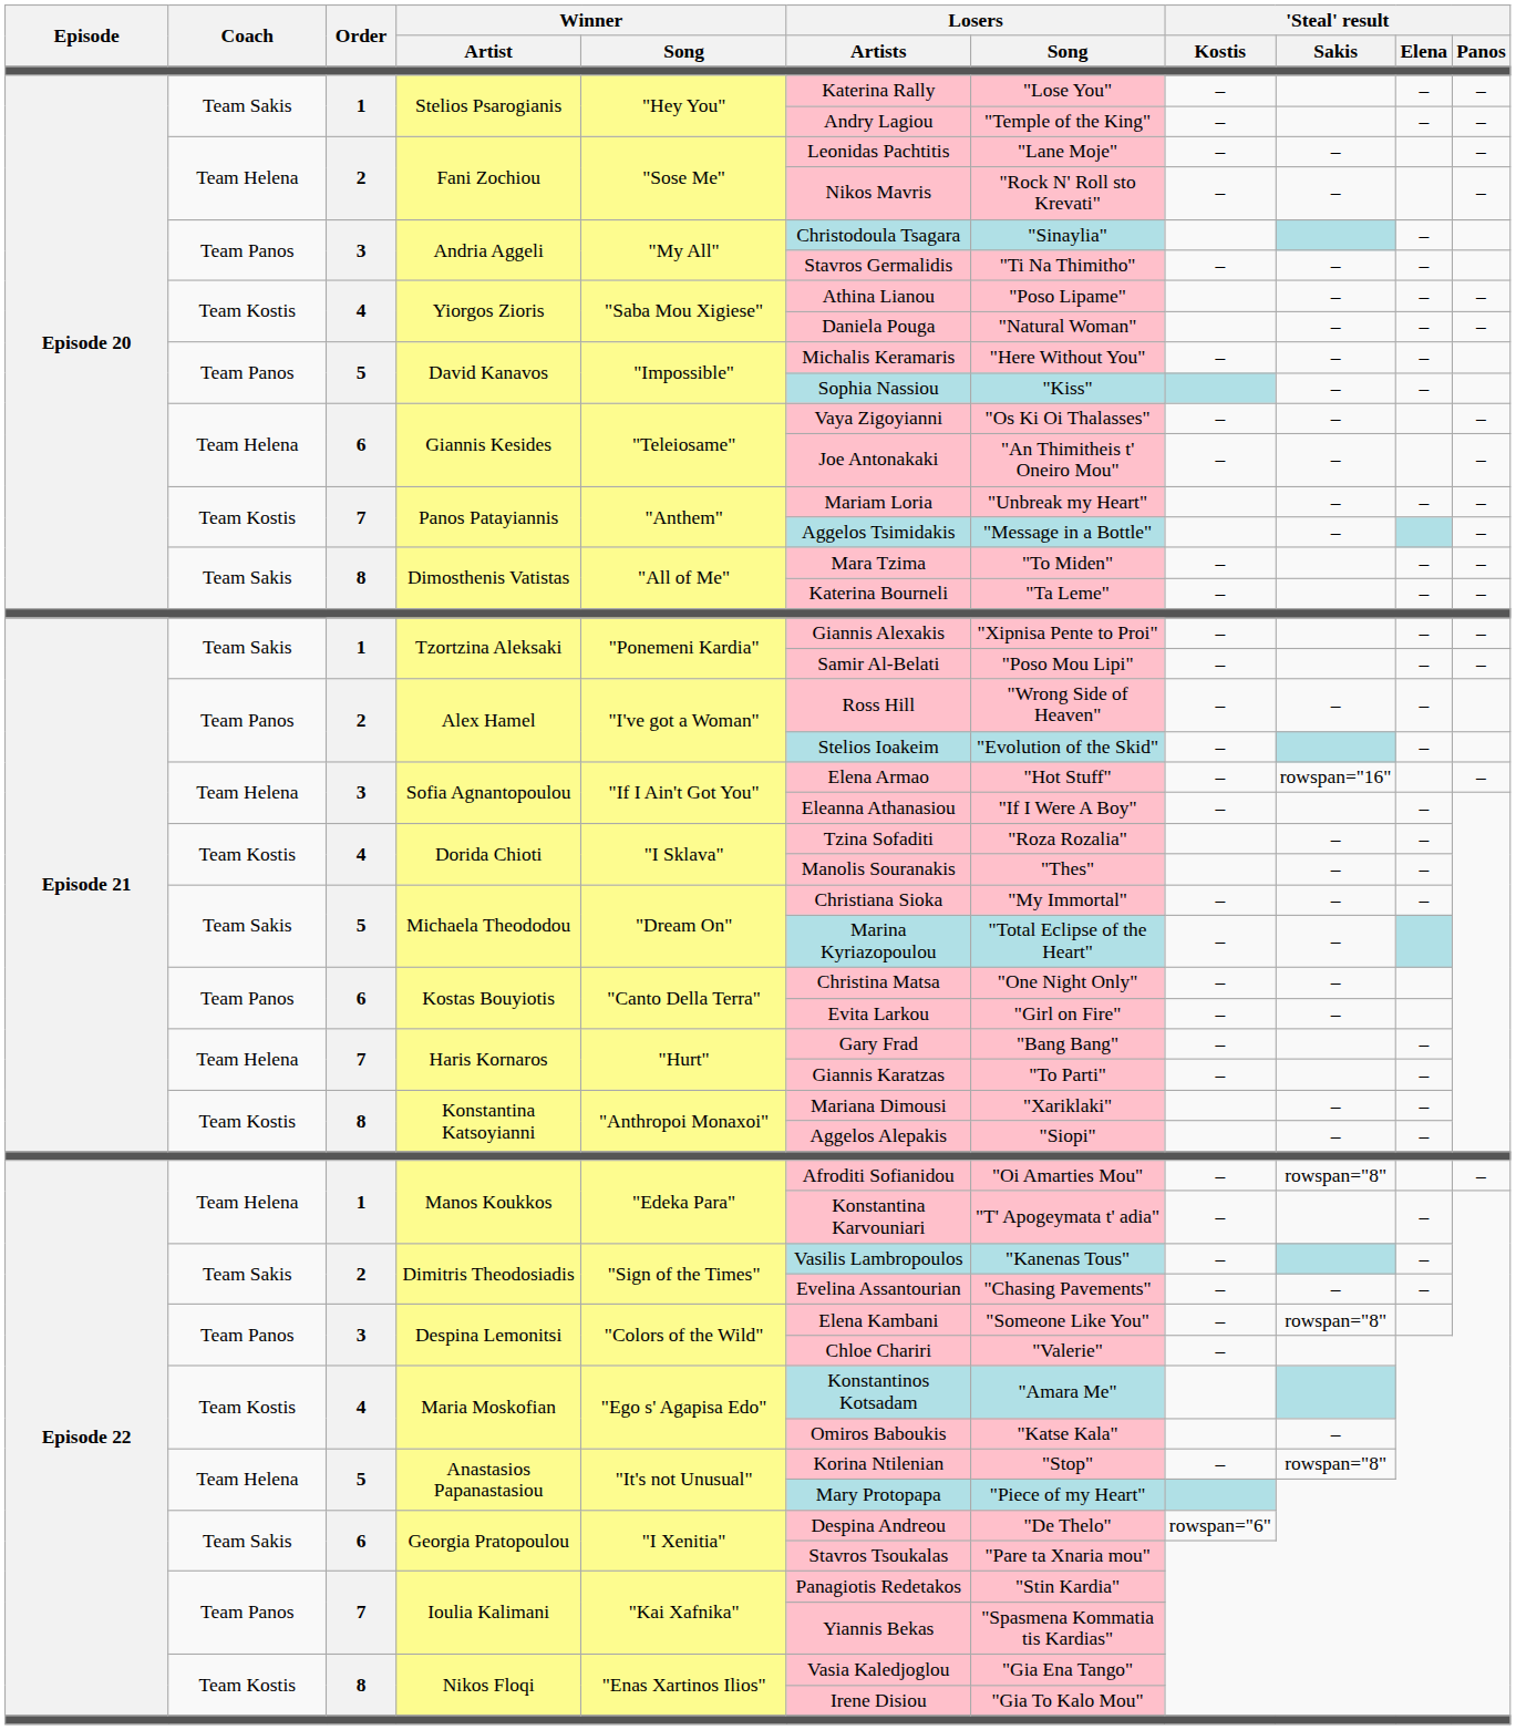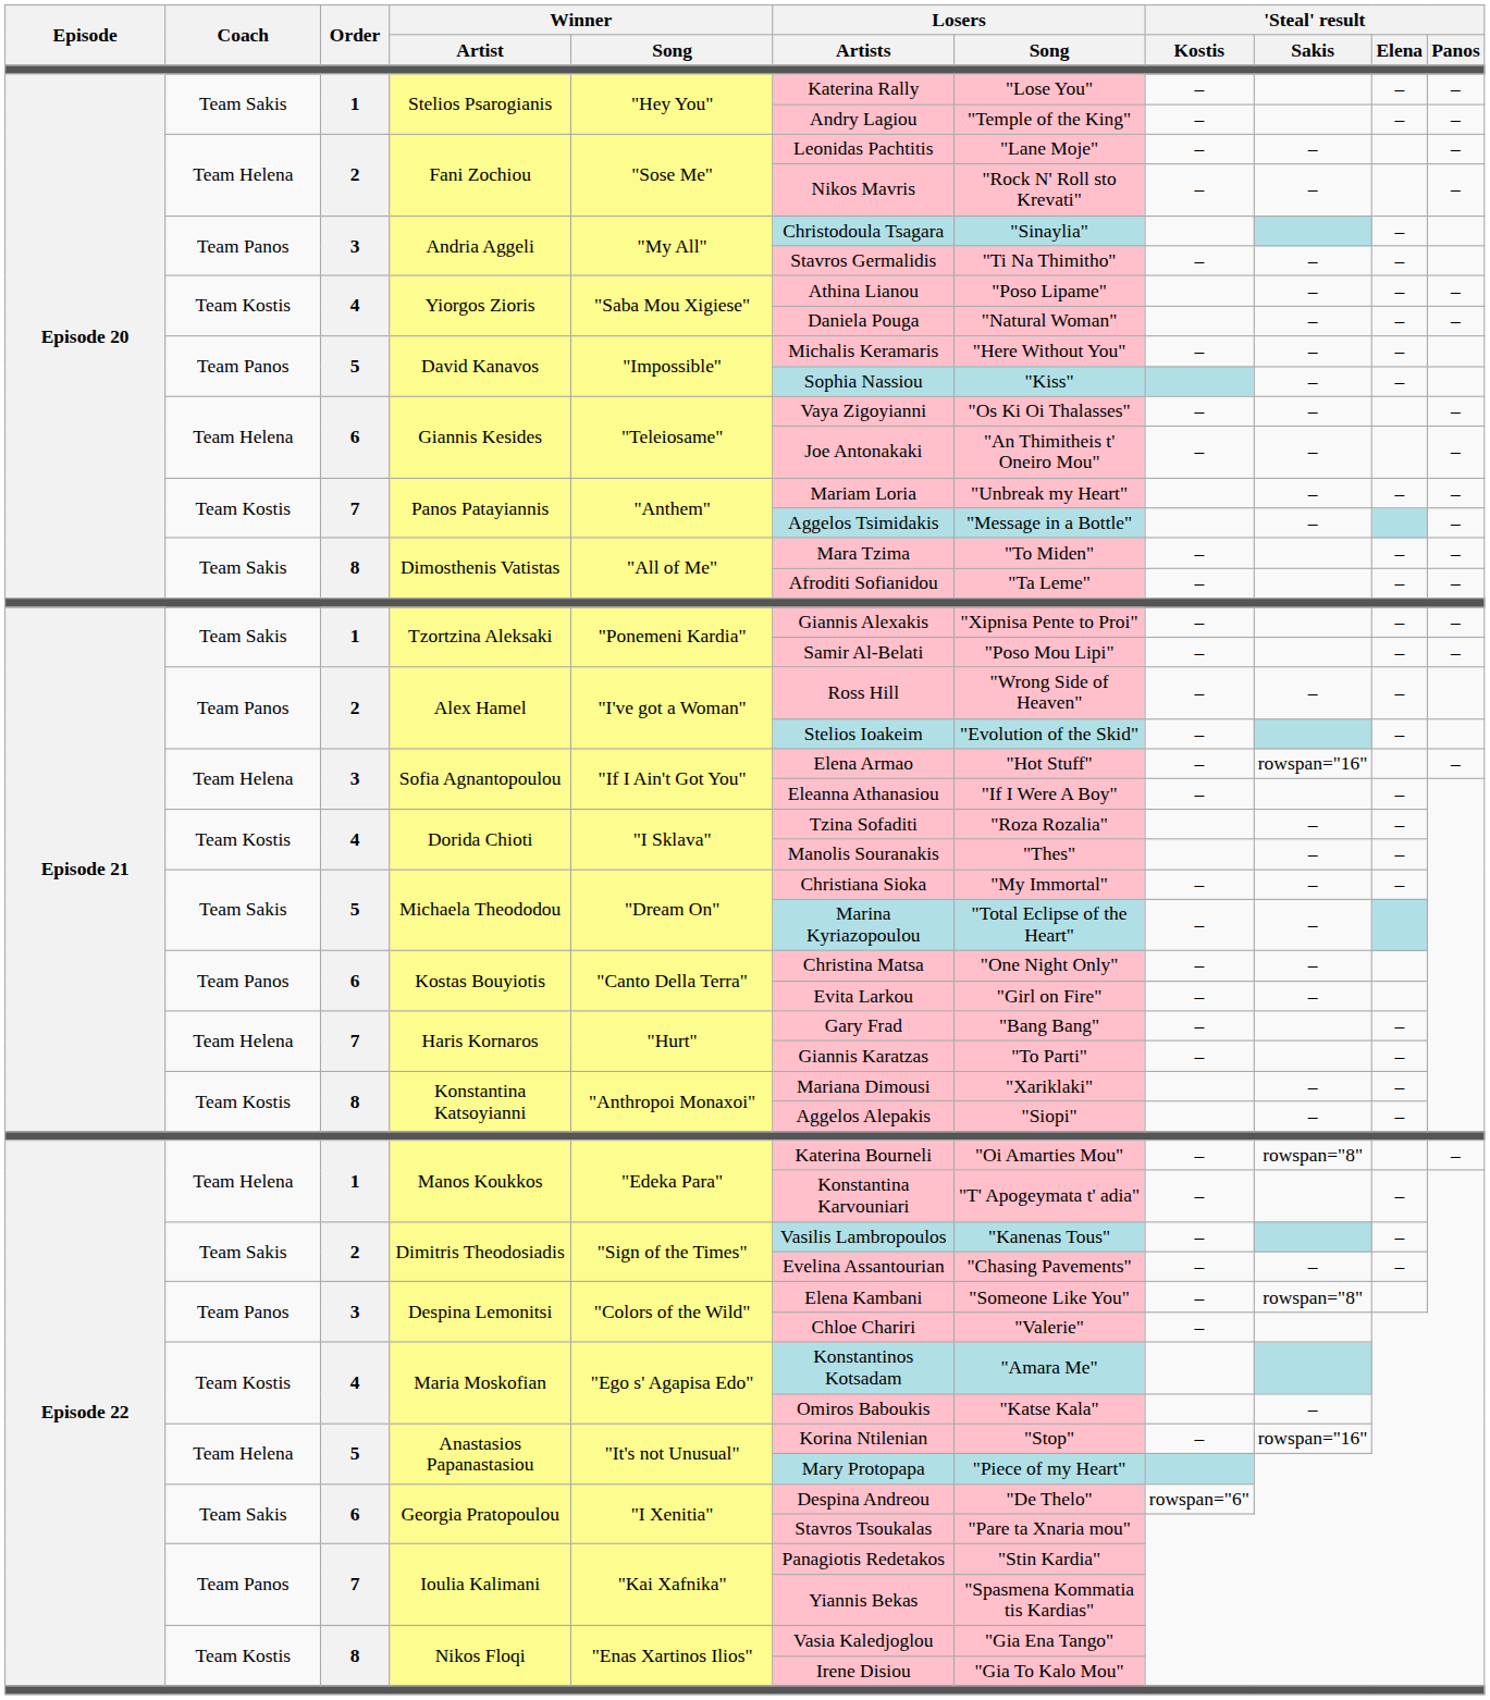 <table class="wikitable" style="text-align: center; width: auto;">
 <tr>
 <th rowspan="2" style="width:15%;">Episode</th>
 <th rowspan="2" style="width:15%;">Coach</th>
 <th rowspan="2" style="width:05%;">Order</th>
 <th colspan="2" style="width:15%;">Winner</th>
 <th colspan="2" style="width:15%;">Losers</th>
 <th colspan="4" style="width:20%;">'Steal' result</th>
 </tr>
 <tr>
 <th style="width:15%;">Artist</th>
 <th style="width:18%;">Song</th>
 <th style="width:15%;">Artists</th>
 <th style="width:18%;">Song</th>
 <th style="width:05%;">Kostis</th>
 <th style="width:05%;">Sakis</th>
 <th style="width:05%;">Elena</th>
 <th style="width:05%;">Panos</th>
 </tr>
 <tr>
 <td colspan="11" style="background:#555;"></td>
 </tr>
 <tr>
 <th rowspan="16">Episode 20<br><small></small></th>
 <td rowspan="2">Team Sakis</td>
 <th rowspan="2">1</th>
 <td rowspan="2" style="background:#fdfc8f;text-align:center;">Stelios Psarogianis</td>
 <td rowspan="2" style="background:#fdfc8f;text-align:center;">"Hey You"</td>
 <td style="background:pink;text-align:center;">Katerina Rally</td>
 <td style="background:pink;text-align:center;">"Lose You"</td>
 <td>–</td>
 <td></td>
 <td>–</td>
 <td>–</td>
 </tr>
 <tr>
 <td style="background:pink;text-align:center;">Andry Lagiou</td>
 <td style="background:pink;text-align:center;">"Temple of the King"</td>
 <td>–</td>
 <td></td>
 <td>–</td>
 <td>–</td>
 </tr>
 <tr>
 <td rowspan="2">Team Helena</td>
 <th rowspan="2">2</th>
 <td rowspan="2" style="background:#fdfc8f;text-align:center;">Fani Zochiou</td>
 <td rowspan="2" style="background:#fdfc8f;text-align:center;">"Sose Me"</td>
 <td style="background:pink;text-align:center;">Leonidas Pachtitis</td>
 <td style="background:pink;text-align:center;">"Lane Moje"</td>
 <td>–</td>
 <td>–</td>
 <td></td>
 <td>–</td>
 </tr>
 <tr>
 <td style="background:pink;text-align:center;">Nikos Mavris</td>
 <td style="background:pink;text-align:center;">"Rock N' Roll sto Krevati"</td>
 <td>–</td>
 <td>–</td>
 <td></td>
 <td>–</td>
 </tr>
 <tr>
 <td rowspan="2">Team Panos</td>
 <th rowspan="2">3</th>
 <td rowspan="2" style="background:#fdfc8f;text-align:center;">Andria Aggeli</td>
 <td rowspan="2" style="background:#fdfc8f;text-align:center;">"My All"</td>
 <td style="background:#b0e0e6;text-align:center;">Christodoula Tsagara</td>
 <td style="background:#b0e0e6;text-align:center;">"Sinaylia"</td>
 <td></td>
 <td style="background:#b0e0e6;text-align:center;"></td>
 <td>–</td>
 <td></td>
 </tr>
 <tr>
 <td style="background:pink;text-align:center;">Stavros Germalidis</td>
 <td style="background:pink;text-align:center;">"Ti Na Thimitho"</td>
 <td>–</td>
 <td>–</td>
 <td>–</td>
 <td></td>
 </tr>
 <tr>
 <td rowspan="2">Team Kostis</td>
 <th rowspan="2">4</th>
 <td rowspan="2" style="background:#fdfc8f;text-align:center;">Yiorgos Zioris</td>
 <td rowspan="2" style="background:#fdfc8f;text-align:center;">"Saba Mou Xigiese"</td>
 <td style="background:pink;text-align:center;">Athina Lianou</td>
 <td style="background:pink;text-align:center;">"Poso Lipame"</td>
 <td></td>
 <td>–</td>
 <td>–</td>
 <td>–</td>
 </tr>
 <tr>
 <td style="background:pink;text-align:center;">Daniela Pouga</td>
 <td style="background:pink;text-align:center;">"Natural Woman"</td>
 <td></td>
 <td>–</td>
 <td>–</td>
 <td>–</td>
 </tr>
 <tr>
 <td rowspan="2">Team Panos</td>
 <th rowspan="2">5</th>
 <td rowspan="2" style="background:#fdfc8f;text-align:center;">David Kanavos</td>
 <td rowspan="2" style="background:#fdfc8f;text-align:center;">"Impossible"</td>
 <td style="background:pink;text-align:center;">Michalis Keramaris</td>
 <td style="background:pink;text-align:center;">"Here Without You"</td>
 <td>–</td>
 <td>–</td>
 <td>–</td>
 <td></td>
 </tr>
 <tr>
 <td style="background:#b0e0e6;text-align:center;">Sophia Nassiou</td>
 <td style="background:#b0e0e6;text-align:center;">"Kiss"</td>
 <td style="background:#b0e0e6;text-align:center;"></td>
 <td>–</td>
 <td>–</td>
 <td></td>
 </tr>
 <tr>
 <td rowspan="2">Team Helena</td>
 <th rowspan="2">6</th>
 <td rowspan="2" style="background:#fdfc8f;text-align:center;">Giannis Kesides</td>
 <td rowspan="2" style="background:#fdfc8f;text-align:center;">"Teleiosame"</td>
 <td style="background:pink;text-align:center;">Vaya Zigoyianni</td>
 <td style="background:pink;text-align:center;">"Os Ki Oi Thalasses"</td>
 <td>–</td>
 <td>–</td>
 <td></td>
 <td>–</td>
 </tr>
 <tr>
 <td style="background:pink;text-align:center;">Joe Antonakaki</td>
 <td style="background:pink;text-align:center;">"An Thimitheis t' Oneiro Mou"</td>
 <td>–</td>
 <td>–</td>
 <td></td>
 <td>–</td>
 </tr>
 <tr>
 <td rowspan="2">Team Kostis</td>
 <th rowspan="2">7</th>
 <td rowspan="2" style="background:#fdfc8f;text-align:center;">Panos Patayiannis</td>
 <td rowspan="2" style="background:#fdfc8f;text-align:center;">"Anthem"</td>
 <td style="background:pink;text-align:center;">Mariam Loria</td>
 <td style="background:pink;text-align:center;">"Unbreak my Heart"</td>
 <td></td>
 <td>–</td>
 <td>–</td>
 <td>–</td>
 </tr>
 <tr>
 <td style="background:#b0e0e6;text-align:center;">Aggelos Tsimidakis</td>
 <td style="background:#b0e0e6;text-align:center;">"Message in a Bottle"</td>
 <td></td>
 <td>–</td>
 <td style="background:#b0e0e6;text-align:center;"></td>
 <td>–</td>
 </tr>
 <tr>
 <td rowspan="2">Team Sakis</td>
 <th rowspan="2">8</th>
 <td rowspan="2" style="background:#fdfc8f;text-align:center;">Dimosthenis Vatistas</td>
 <td rowspan="2" style="background:#fdfc8f;text-align:center;">"All of Me"</td>
 <td style="background:pink;text-align:center;">Mara Tzima</td>
 <td style="background:pink;text-align:center;">"To Miden"</td>
 <td>–</td>
 <td></td>
 <td>–</td>
 <td>–</td>
 </tr>
 <tr>
-<td style="background:pink;text-align:center;">Katerina Bourneli</td>
+<td style="background:pink;text-align:center;">Afroditi Sofianidou</td>
 <td style="background:pink;text-align:center;">"Ta Leme"</td>
 <td>–</td>
 <td></td>
 <td>–</td>
 <td>–</td>
 </tr>
 <tr>
 </tr>
 <tr>
 <td colspan="11" style="background:#555;"></td>
 </tr>
 <tr>
 <th rowspan="16">Episode 21<br><small></small></th>
 <td rowspan="2">Team Sakis</td>
 <th rowspan="2">1</th>
 <td rowspan="2" style="background:#fdfc8f;text-align:center;">Tzortzina Aleksaki</td>
 <td rowspan="2" style="background:#fdfc8f;text-align:center;">"Ponemeni Kardia"</td>
 <td style="background:pink;text-align:center;">Giannis Alexakis</td>
 <td style="background:pink;text-align:center;">"Xipnisa Pente to Proi"</td>
 <td>–</td>
 <td></td>
 <td>–</td>
 <td>–</td>
 </tr>
 <tr>
 <td style="background:pink;text-align:center;">Samir Al-Belati</td>
 <td style="background:pink;text-align:center;">"Poso Mou Lipi"</td>
 <td>–</td>
 <td></td>
 <td>–</td>
 <td>–</td>
 </tr>
 <tr>
 <td rowspan="2">Team Panos</td>
 <th rowspan="2">2</th>
 <td rowspan="2" style="background:#fdfc8f;text-align:center;">Alex Hamel</td>
 <td rowspan="2" style="background:#fdfc8f;text-align:center;">"I've got a Woman"</td>
 <td style="background:pink;text-align:center;">Ross Hill</td>
 <td style="background:pink;text-align:center;">"Wrong Side of Heaven"</td>
 <td>–</td>
 <td>–</td>
 <td>–</td>
 <td></td>
 </tr>
 <tr>
 <td style="background:#b0e0e6;text-align:center;">Stelios Ioakeim</td>
 <td style="background:#b0e0e6;text-align:center;">"Evolution of the Skid"</td>
 <td>–</td>
 <td style="background:#b0e0e6;text-align:center;"></td>
 <td>–</td>
 <td></td>
 </tr>
 <tr>
 <td rowspan="2">Team Helena</td>
 <th rowspan="2">3</th>
 <td rowspan="2" style="background:#fdfc8f;text-align:center;">Sofia Agnantopoulou</td>
 <td rowspan="2" style="background:#fdfc8f;text-align:center;">"If I Ain't Got You"</td>
 <td style="background:pink;text-align:center;">Elena Armao</td>
 <td style="background:pink;text-align:center;">"Hot Stuff"</td>
 <td>–</td>
 <td>rowspan="16" </td>
 <td></td>
 <td>–</td>
 </tr>
 <tr>
 <td style="background:pink;text-align:center;">Eleanna Athanasiou</td>
 <td style="background:pink;text-align:center;">"If I Were A Boy"</td>
 <td>–</td>
 <td></td>
 <td>–</td>
 </tr>
 <tr>
 <td rowspan="2">Team Kostis</td>
 <th rowspan="2">4</th>
 <td rowspan="2" style="background:#fdfc8f;text-align:center;">Dorida Chioti</td>
 <td rowspan="2" style="background:#fdfc8f;text-align:center;">"I Sklava"</td>
 <td style="background:pink;text-align:center;">Tzina Sofaditi</td>
 <td style="background:pink;text-align:center;">"Roza Rozalia"</td>
 <td></td>
 <td>–</td>
 <td>–</td>
 </tr>
 <tr>
 <td style="background:pink;text-align:center;">Manolis Souranakis</td>
 <td style="background:pink;text-align:center;">"Thes"</td>
 <td></td>
 <td>–</td>
 <td>–</td>
 </tr>
 <tr>
 <td rowspan="2">Team Sakis</td>
 <th rowspan="2">5</th>
 <td rowspan="2" style="background:#fdfc8f;text-align:center;">Michaela Theododou</td>
 <td rowspan="2" style="background:#fdfc8f;text-align:center;">"Dream On"</td>
 <td style="background:pink;text-align:center;">Christiana Sioka</td>
 <td style="background:pink;text-align:center;">"My Immortal"</td>
 <td>–</td>
 <td>–</td>
 <td>–</td>
 </tr>
 <tr>
 <td style="background:#b0e0e6;text-align:center;">Marina Kyriazopoulou</td>
 <td style="background:#b0e0e6;text-align:center;">"Total Eclipse of the Heart"</td>
 <td>–</td>
 <td>–</td>
 <td style="background:#b0e0e6;text-align:center;"></td>
 </tr>
 <tr>
 <td rowspan="2">Team Panos</td>
 <th rowspan="2">6</th>
 <td rowspan="2" style="background:#fdfc8f;text-align:center;">Kostas Bouyiotis</td>
 <td rowspan="2" style="background:#fdfc8f;text-align:center;">"Canto Della Terra"</td>
 <td style="background:pink;text-align:center;">Christina Matsa</td>
 <td style="background:pink;text-align:center;">"One Night Only"</td>
 <td>–</td>
 <td>–</td>
 <td></td>
 </tr>
 <tr>
 <td style="background:pink;text-align:center;">Evita Larkou</td>
 <td style="background:pink;text-align:center;">"Girl on Fire"</td>
 <td>–</td>
 <td>–</td>
 <td></td>
 </tr>
 <tr>
 <td rowspan="2">Team Helena</td>
 <th rowspan="2">7</th>
 <td rowspan="2" style="background:#fdfc8f;text-align:center;">Haris Kornaros</td>
 <td rowspan="2" style="background:#fdfc8f;text-align:center;">"Hurt"</td>
 <td style="background:pink;text-align:center;">Gary Frad</td>
 <td style="background:pink;text-align:center;">"Bang Bang"</td>
 <td>–</td>
 <td></td>
 <td>–</td>
 </tr>
 <tr>
 <td style="background:pink;text-align:center;">Giannis Karatzas</td>
 <td style="background:pink;text-align:center;">"To Parti"</td>
 <td>–</td>
 <td></td>
 <td>–</td>
 </tr>
 <tr>
 <td rowspan="2">Team Kostis</td>
 <th rowspan="2">8</th>
 <td rowspan="2" style="background:#fdfc8f;text-align:center;">Konstantina Katsoyianni</td>
 <td rowspan="2" style="background:#fdfc8f;text-align:center;">"Anthropoi Monaxoi"</td>
 <td style="background:pink;text-align:center;">Mariana Dimousi</td>
 <td style="background:pink;text-align:center;">"Xariklaki"</td>
 <td></td>
 <td>–</td>
 <td>–</td>
 </tr>
 <tr>
 <td style="background:pink;text-align:center;">Aggelos Alepakis</td>
 <td style="background:pink;text-align:center;">"Siopi"</td>
 <td></td>
 <td>–</td>
 <td>–</td>
 </tr>
 <tr>
 <td colspan="11" style="background:#555;"></td>
 </tr>
 <tr>
 <th rowspan="16">Episode 22<br><small></small></th>
 <td rowspan="2">Team Helena</td>
 <th rowspan="2">1</th>
 <td rowspan="2" style="background:#fdfc8f;text-align:center;">Manos Koukkos</td>
 <td rowspan="2" style="background:#fdfc8f;text-align:center;">"Edeka Para"</td>
-<td style="background:pink;text-align:center;">Afroditi Sofianidou</td>
+<td style="background:pink;text-align:center;">Katerina Bourneli</td>
 <td style="background:pink;text-align:center;">"Oi Amarties Mou"</td>
 <td>–</td>
 <td>rowspan="8" </td>
 <td></td>
 <td>–</td>
 </tr>
 <tr>
 <td style="background:pink;text-align:center;">Konstantina Karvouniari</td>
 <td style="background:pink;text-align:center;">"T' Apogeymata t' adia"</td>
 <td>–</td>
 <td></td>
 <td>–</td>
 </tr>
 <tr>
 <td rowspan="2">Team Sakis</td>
 <th rowspan="2">2</th>
 <td rowspan="2" style="background:#fdfc8f;text-align:center;">Dimitris Theodosiadis</td>
 <td rowspan="2" style="background:#fdfc8f;text-align:center;">"Sign of the Times"</td>
 <td style="background:#b0e0e6;text-align:center;">Vasilis Lambropoulos</td>
 <td style="background:#b0e0e6;text-align:center;">"Kanenas Tous"</td>
 <td>–</td>
 <td style="background:#b0e0e6;text-align:center;"></td>
 <td>–</td>
 </tr>
 <tr>
 <td style="background:pink;text-align:center;">Evelina Assantourian</td>
 <td style="background:pink;text-align:center;">"Chasing Pavements"</td>
 <td>–</td>
 <td>–</td>
 <td>–</td>
 </tr>
 <tr>
 <td rowspan="2">Team Panos</td>
 <th rowspan="2">3</th>
 <td rowspan="2" style="background:#fdfc8f;text-align:center;">Despina Lemonitsi</td>
 <td rowspan="2" style="background:#fdfc8f;text-align:center;">"Colors of the Wild"</td>
 <td style="background:pink;text-align:center;">Elena Kambani</td>
 <td style="background:pink;text-align:center;">"Someone Like You"</td>
 <td>–</td>
 <td>rowspan="8" </td>
 <td></td>
 </tr>
 <tr>
 <td style="background:pink;text-align:center;">Chloe Chariri</td>
 <td style="background:pink;text-align:center;">"Valerie"</td>
 <td>–</td>
 <td></td>
 </tr>
 <tr>
 <td rowspan="2">Team Kostis</td>
 <th rowspan="2">4</th>
 <td rowspan="2" style="background:#fdfc8f;text-align:center;">Maria Moskofian</td>
 <td rowspan="2" style="background:#fdfc8f;text-align:center;">"Ego s' Agapisa Edo"</td>
 <td style="background:#b0e0e6;text-align:center;">Konstantinos Kotsadam</td>
 <td style="background:#b0e0e6;text-align:center;">"Amara Me"</td>
 <td></td>
 <td style="background:#b0e0e6;text-align:center;"></td>
 </tr>
 <tr>
 <td style="background:pink;text-align:center;">Omiros Baboukis</td>
 <td style="background:pink;text-align:center;">"Katse Kala"</td>
 <td></td>
 <td>–</td>
 </tr>
 <tr>
 <td rowspan="2">Team Helena</td>
 <th rowspan="2">5</th>
 <td rowspan="2" style="background:#fdfc8f;text-align:center;">Anastasios Papanastasiou</td>
 <td rowspan="2" style="background:#fdfc8f;text-align:center;">"It's not Unusual"</td>
 <td style="background:pink;text-align:center;">Korina Ntilenian</td>
 <td style="background:pink;text-align:center;">"Stop"</td>
 <td>–</td>
-<td>rowspan="8" </td>
+<td>rowspan="16" </td>
 </tr>
 <tr>
 <td style="background:#b0e0e6;text-align:center;">Mary Protopapa</td>
 <td style="background:#b0e0e6;text-align:center;">"Piece of my Heart"</td>
 <td style="background:#b0e0e6;text-align:center;"></td>
 </tr>
 <tr>
 <td rowspan="2">Team Sakis</td>
 <th rowspan="2">6</th>
 <td rowspan="2" style="background:#fdfc8f;text-align:center;">Georgia Pratopoulou</td>
 <td rowspan="2" style="background:#fdfc8f;text-align:center;">"I Xenitia"</td>
 <td style="background:pink;text-align:center;">Despina Andreou</td>
 <td style="background:pink;text-align:center;">"De Thelo"</td>
 <td>rowspan="6" </td>
 </tr>
 <tr>
 <td style="background:pink;text-align:center;">Stavros Tsoukalas</td>
 <td style="background:pink;text-align:center;">"Pare ta Xnaria mou"</td>
 </tr>
 <tr>
 <td rowspan="2">Team Panos</td>
 <th rowspan="2">7</th>
 <td rowspan="2" style="background:#fdfc8f;text-align:center;">Ioulia Kalimani</td>
 <td rowspan="2" style="background:#fdfc8f;text-align:center;">"Kai Xafnika"</td>
 <td style="background:pink;text-align:center;">Panagiotis Redetakos</td>
 <td style="background:pink;text-align:center;">"Stin Kardia"</td>
 </tr>
 <tr>
 <td style="background:pink;text-align:center;">Yiannis Bekas</td>
 <td style="background:pink;text-align:center;">"Spasmena Kommatia tis Kardias"</td>
 </tr>
 <tr>
 <td rowspan="2">Team Kostis</td>
 <th rowspan="2">8</th>
 <td rowspan="2" style="background:#fdfc8f;text-align:center;">Nikos Floqi</td>
 <td rowspan="2" style="background:#fdfc8f;text-align:center;">"Enas Xartinos Ilios"</td>
 <td style="background:pink;text-align:center;">Vasia Kaledjoglou</td>
 <td style="background:pink;text-align:center;">"Gia Ena Tango"</td>
 </tr>
 <tr>
 <td style="background:pink;text-align:center;">Irene Disiou</td>
 <td style="background:pink;text-align:center;">"Gia To Kalo Mou"</td>
 </tr>
 <tr>
 <td colspan="11" style="background:#555;"></td>
 </tr>
 </table>
